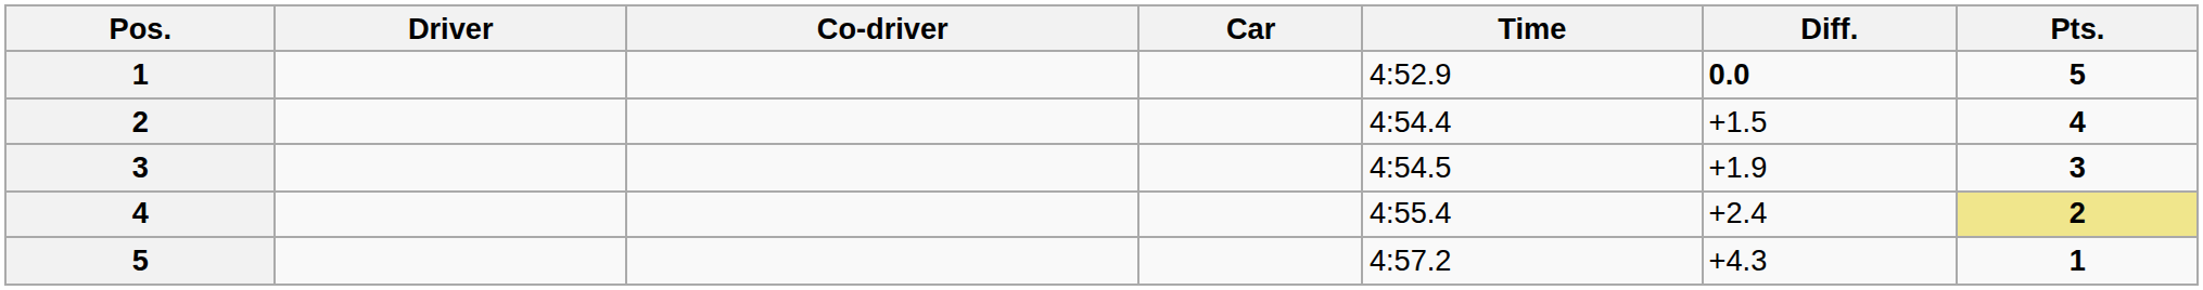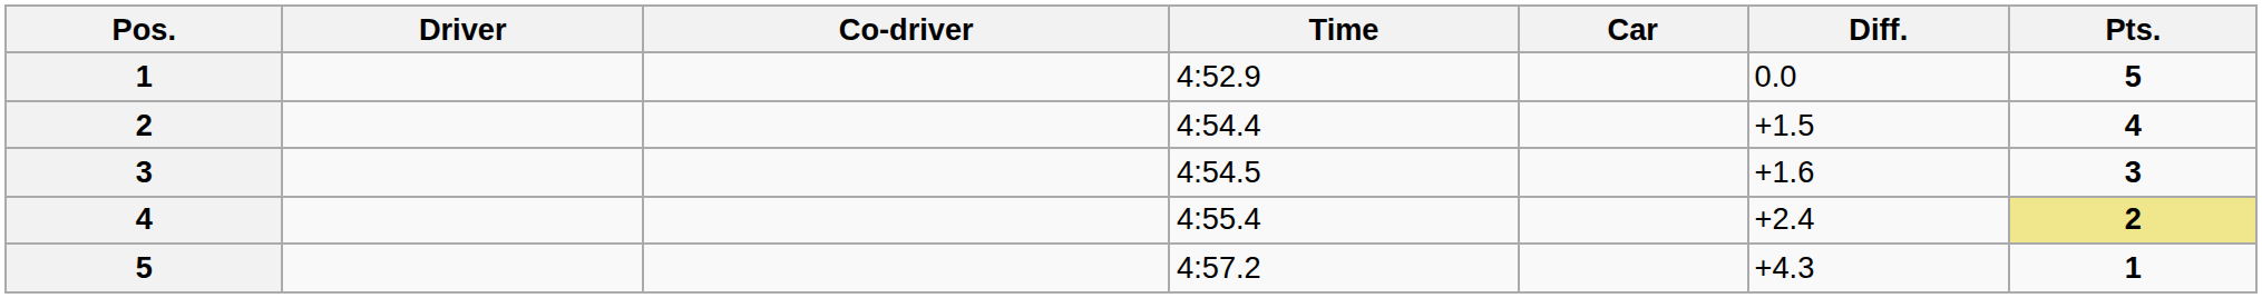 <table class="wikitable" width=80% style="font-size: 85%;">
 <tr>
 <th>Pos.</th>
 <th>Driver</th>
 <th>Co-driver</th>
+<th>Time</th>
 <th>Car</th>
-<th>Time</th>
 <th>Diff.</th>
 <th>Pts.</th>
 </tr>
 <tr>
 <th>1</th>
 <td></td>
 <td></td>
+<td>4:52.9</td>
 <td></td>
-<td>4:52.9</td>
-<td><strong>0.0</strong></td>
+<td>0.0</td>
 <td align="center"><strong>5</strong></td>
 </tr>
 <tr>
 <th>2</th>
 <td></td>
 <td></td>
+<td>4:54.4</td>
 <td></td>
-<td>4:54.4</td>
 <td>+1.5</td>
 <td align="center"><strong>4</strong></td>
 </tr>
 <tr>
 <th>3</th>
 <td></td>
 <td></td>
+<td>4:54.5</td>
 <td></td>
-<td>4:54.5</td>
-<td>+1.9</td>
+<td>+1.6</td>
 <td align="center"><strong>3</strong></td>
 </tr>
 <tr>
 <th>4</th>
 <td></td>
 <td></td>
+<td>4:55.4</td>
 <td></td>
-<td>4:55.4</td>
 <td>+2.4</td>
 <td align="center" style="background: khaki;"><strong>2</strong></td>
 </tr>
 <tr>
 <th>5</th>
 <td></td>
 <td></td>
+<td>4:57.2</td>
 <td></td>
-<td>4:57.2</td>
 <td>+4.3</td>
 <td align="center"><strong>1</strong></td>
 </tr>
 </table>
